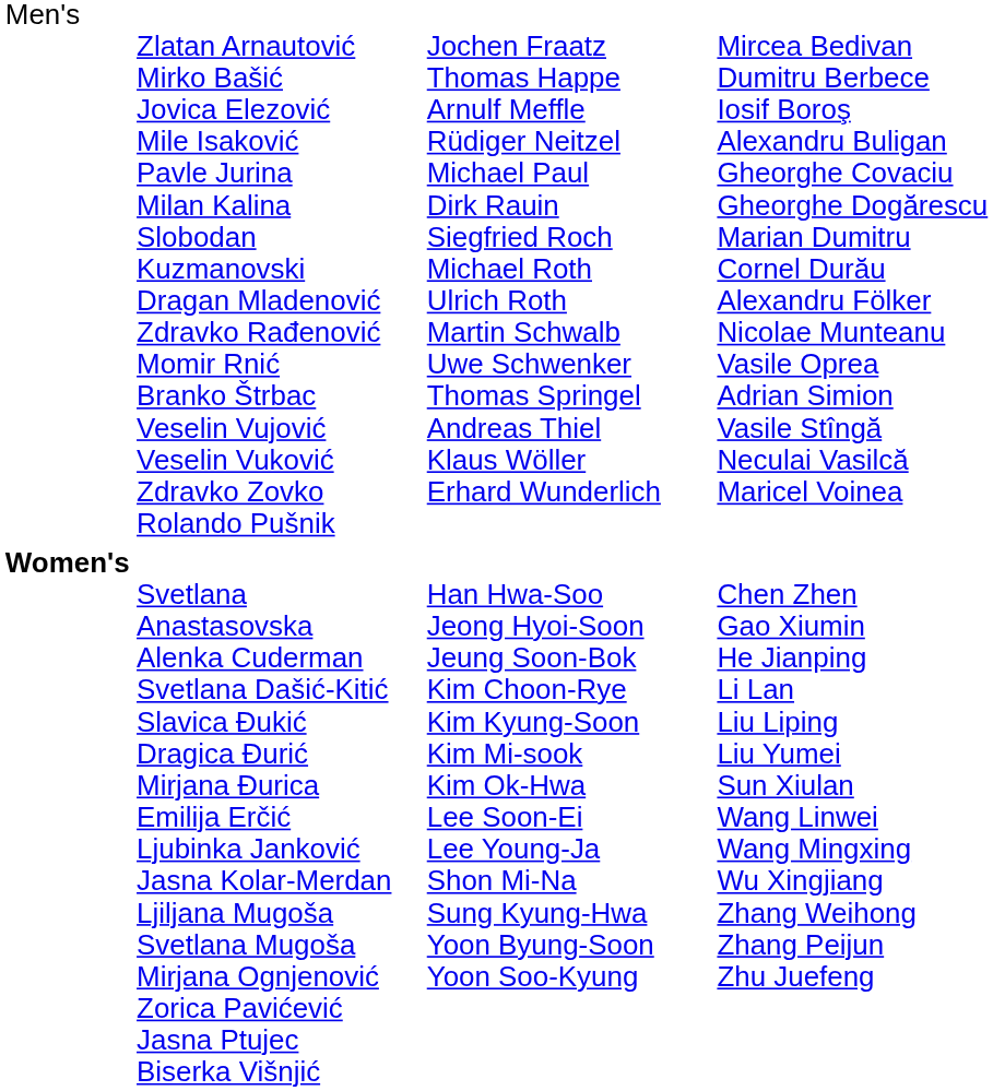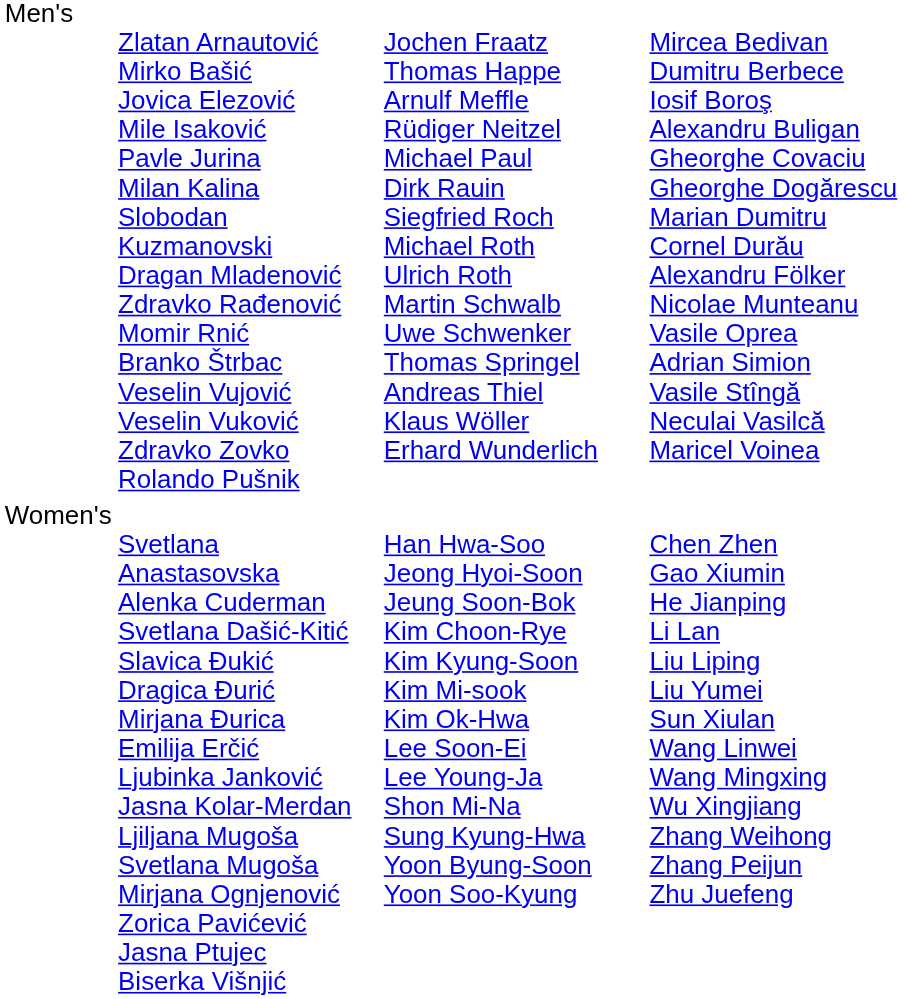 <table>
 <tr valign=top>
 <td>Men's <br></td>
 <td width=160><br><a href='#'>Zlatan Arnautović</a><br><a href='#'>Mirko Bašić</a><br><a href='#'>Jovica Elezović</a><br><a href='#'>Mile Isaković</a><br><a href='#'>Pavle Jurina</a><br><a href='#'>Milan Kalina</a><br><a href='#'>Slobodan Kuzmanovski</a><br><a href='#'>Dragan Mladenović</a><br><a href='#'>Zdravko Rađenović</a><br><a href='#'>Momir Rnić</a><br><a href='#'>Branko Štrbac</a><br><a href='#'>Veselin Vujović</a><br><a href='#'>Veselin Vuković</a><br><a href='#'>Zdravko Zovko</a><br><a href='#'>Rolando Pušnik</a></td>
 <td width=160><br><a href='#'>Jochen Fraatz</a><br><a href='#'>Thomas Happe</a><br><a href='#'>Arnulf Meffle</a><br><a href='#'>Rüdiger Neitzel</a><br><a href='#'>Michael Paul</a><br><a href='#'>Dirk Rauin</a><br><a href='#'>Siegfried Roch</a><br><a href='#'>Michael Roth</a><br><a href='#'>Ulrich Roth</a><br><a href='#'>Martin Schwalb</a><br><a href='#'>Uwe Schwenker</a><br><a href='#'>Thomas Springel</a><br><a href='#'>Andreas Thiel</a><br><a href='#'>Klaus Wöller</a><br><a href='#'>Erhard Wunderlich</a></td>
 <td width=160><br><a href='#'>Mircea Bedivan</a><br><a href='#'>Dumitru Berbece</a><br><a href='#'>Iosif Boroş</a><br><a href='#'>Alexandru Buligan</a><br><a href='#'>Gheorghe Covaciu</a><br><a href='#'>Gheorghe Dogărescu</a><br><a href='#'>Marian Dumitru</a><br><a href='#'>Cornel Durău</a><br><a href='#'>Alexandru Fölker</a><br><a href='#'>Nicolae Munteanu</a><br><a href='#'>Vasile Oprea</a><br><a href='#'>Adrian Simion</a><br><a href='#'>Vasile Stîngă</a><br><a href='#'>Neculai Vasilcă</a><br><a href='#'>Maricel Voinea</a></td>
 </tr>
 <tr valign=top>
-<td><strong>Women's <br></strong></td>
+<td>Women's <br></td>
 <td><br><a href='#'>Svetlana Anastasovska</a><br><a href='#'>Alenka Cuderman</a><br><a href='#'>Svetlana Dašić-Kitić</a><br><a href='#'>Slavica Đukić</a><br><a href='#'>Dragica Đurić</a><br><a href='#'>Mirjana Đurica</a><br><a href='#'>Emilija Erčić</a><br><a href='#'>Ljubinka Janković</a><br><a href='#'>Jasna Kolar-Merdan</a><br><a href='#'>Ljiljana Mugoša</a><br><a href='#'>Svetlana Mugoša</a><br><a href='#'>Mirjana Ognjenović</a><br><a href='#'>Zorica Pavićević</a><br><a href='#'>Jasna Ptujec</a><br><a href='#'>Biserka Višnjić</a></td>
 <td><br><a href='#'>Han Hwa-Soo</a><br><a href='#'>Jeong Hyoi-Soon</a><br><a href='#'>Jeung Soon-Bok</a><br><a href='#'>Kim Choon-Rye</a><br><a href='#'>Kim Kyung-Soon</a><br><a href='#'>Kim Mi-sook</a><br><a href='#'>Kim Ok-Hwa</a><br><a href='#'>Lee Soon-Ei</a><br><a href='#'>Lee Young-Ja</a><br><a href='#'>Shon Mi-Na</a><br><a href='#'>Sung Kyung-Hwa</a><br><a href='#'>Yoon Byung-Soon</a><br><a href='#'>Yoon Soo-Kyung</a></td>
 <td><br><a href='#'>Chen Zhen</a><br><a href='#'>Gao Xiumin</a><br> <a href='#'>He Jianping</a><br><a href='#'>Li Lan</a><br><a href='#'>Liu Liping</a><br><a href='#'>Liu Yumei</a><br><a href='#'>Sun Xiulan</a><br><a href='#'>Wang Linwei</a><br><a href='#'>Wang Mingxing</a><br><a href='#'>Wu Xingjiang</a><br><a href='#'>Zhang Weihong</a><br><a href='#'>Zhang Peijun</a><br><a href='#'>Zhu Juefeng</a></td>
 </tr>
 </table>
